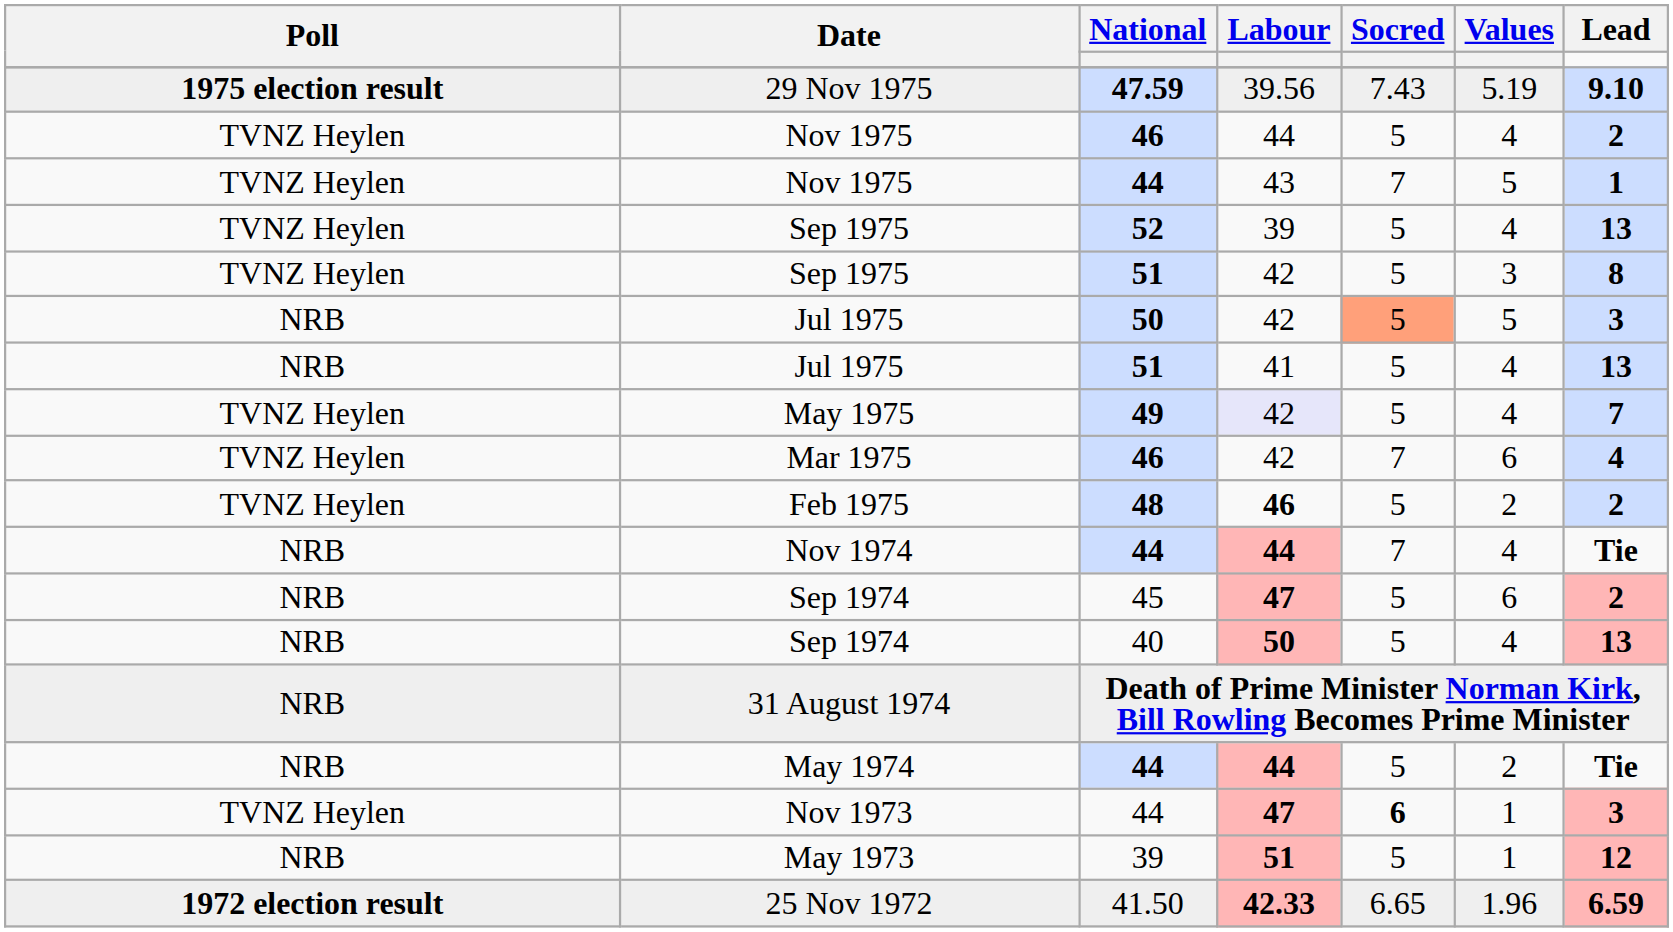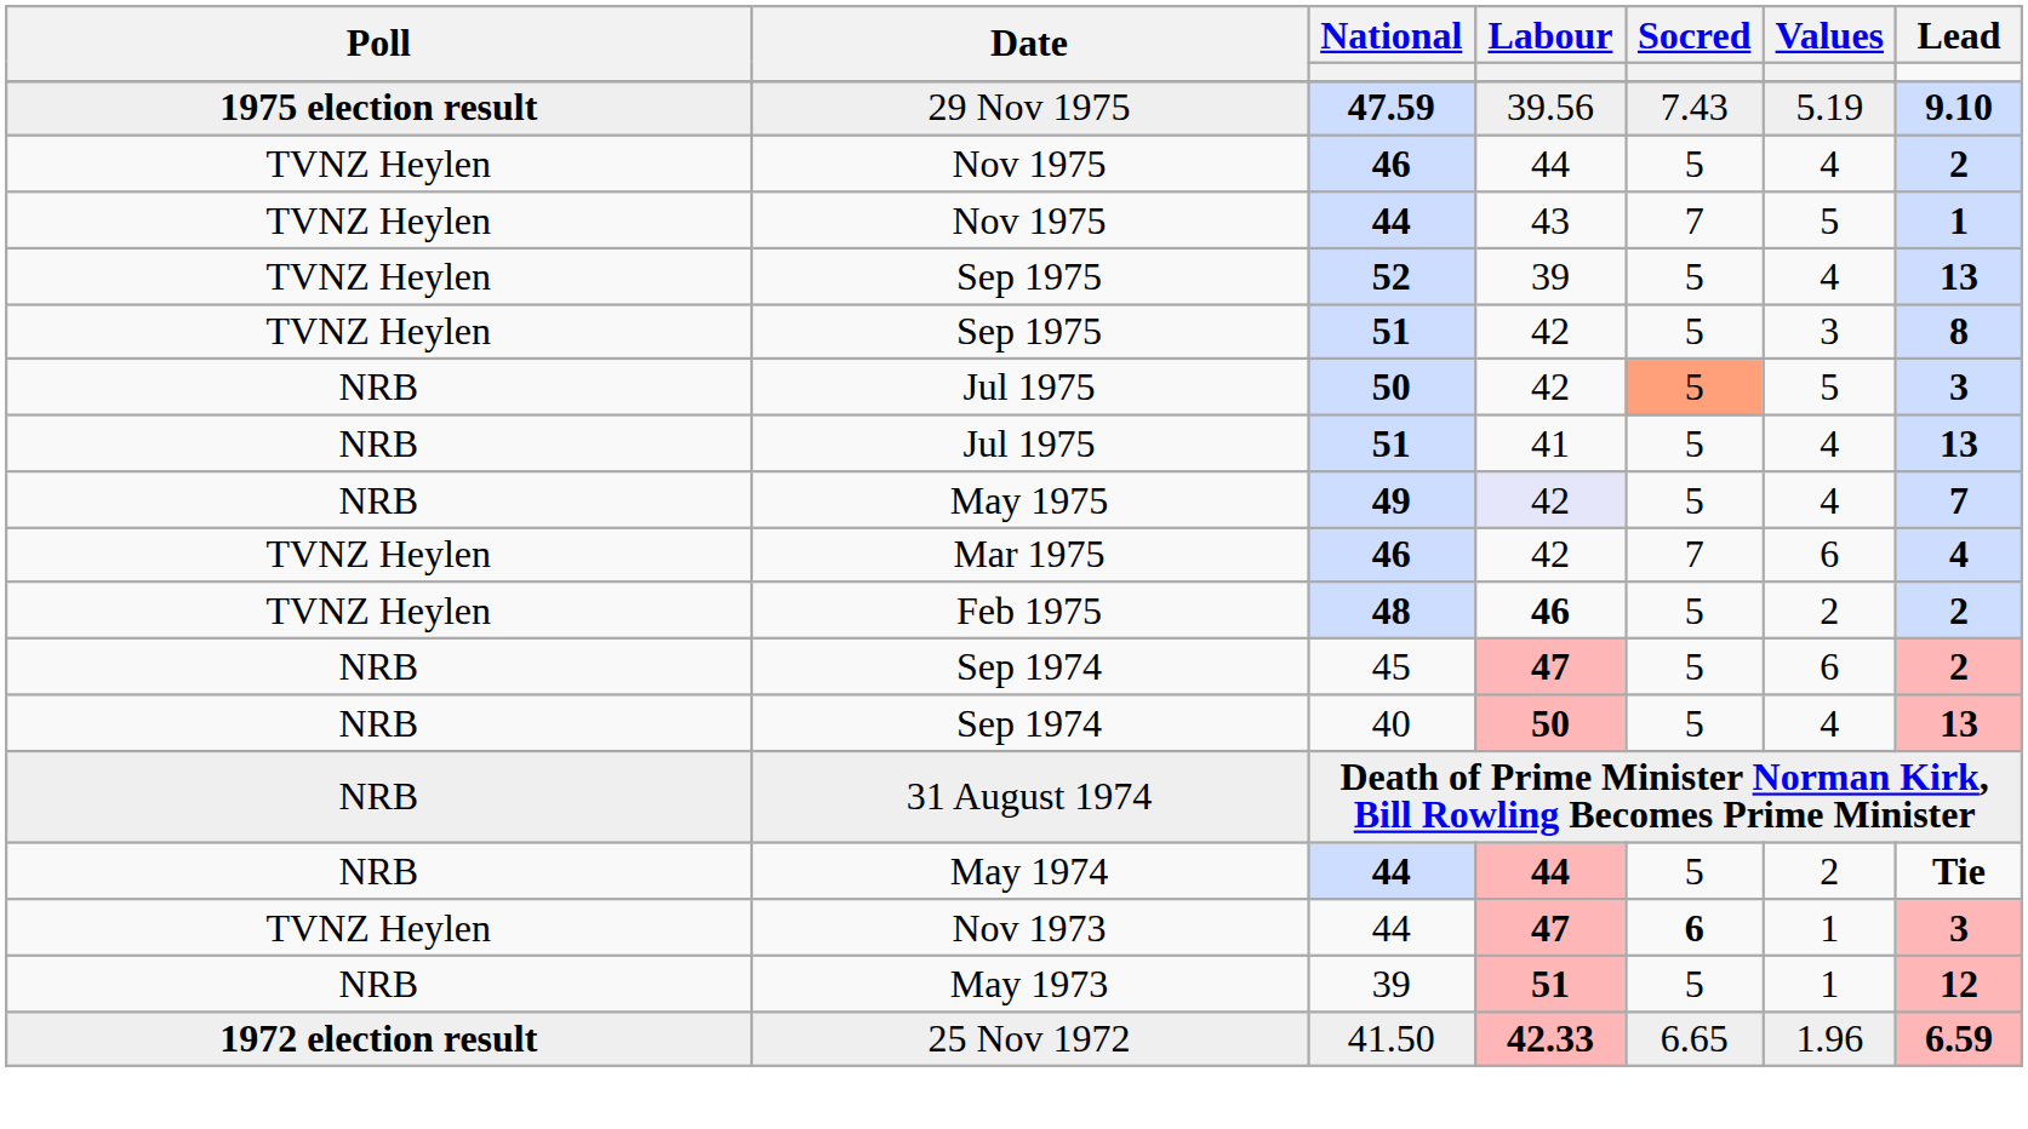 <table class="wikitable sortable" style="width:750px;font-size:90%;line-height:14px;text-align:center;">
 <tr>
 <th style="width:270px;" rowspan="2">Poll</th>
 <th style="width:200px;" rowspan="2">Date</th>
 <th><a href='#'>National</a></th>
 <th><a href='#'>Labour</a></th>
 <th><a href='#'>Socred</a></th>
 <th><a href='#'>Values</a></th>
 <th data-sort-type="number" style="width:40px;">Lead</th>
 </tr>
 <tr>
 <th class="unsortable" style="color:inherit;background:"></th>
 <th class="unsortable" style="color:inherit;background:"></th>
 <th class="unsortable" style="color:inherit;background:"></th>
 <th class="unsortable" style="color:inherit;background:"></th>
 </tr>
 <tr>
 </tr>
 <tr style="background:#EFEFEF; font-weight:italic;">
 <td><strong>1975 election result</strong></td>
 <td data-sort-value="1975-11-29">29 Nov 1975</td>
 <td style="background:#CCDDFF"><strong>47.59</strong></td>
 <td>39.56</td>
 <td>7.43</td>
 <td>5.19</td>
 <td style="background:#CCDDFF"><strong>9.10</strong></td>
 </tr>
 <tr>
 <td>TVNZ Heylen</td>
 <td data-sort-value="1975-11-15">Nov 1975</td>
 <td style="background:#CCDDFF"><strong>46</strong></td>
 <td>44</td>
 <td>5</td>
 <td>4</td>
 <td style="background:#CCDDFF"><strong>2</strong></td>
 </tr>
 <tr>
 <td>TVNZ Heylen</td>
 <td data-sort-value="1975-11-15">Nov 1975</td>
 <td style="background:#CCDDFF"><strong>44</strong></td>
 <td>43</td>
 <td>7</td>
 <td>5</td>
 <td style="background:#CCDDFF"><strong>1</strong></td>
 </tr>
 <tr>
 <td>TVNZ Heylen</td>
 <td data-sort-value="1975-09-15">Sep 1975</td>
 <td style="background:#CCDDFF"><strong>52</strong></td>
 <td>39</td>
 <td>5</td>
 <td>4</td>
 <td style="background:#CCDDFF"><strong>13</strong></td>
 </tr>
 <tr>
 <td>TVNZ Heylen</td>
 <td data-sort-value="1975-09-15">Sep 1975</td>
 <td style="background:#CCDDFF"><strong>51</strong></td>
 <td>42</td>
 <td>5</td>
 <td>3</td>
 <td style="background:#CCDDFF"><strong>8</strong></td>
 </tr>
 <tr>
 <td>NRB</td>
 <td data-sort-value="1975-07-15">Jul 1975</td>
 <td style="background:#CCDDFF"><strong>50</strong></td>
 <td>42</td>
 <td style="background: lightsalmon;">5</td>
 <td>5</td>
 <td style="background:#CCDDFF"><strong>3</strong></td>
 </tr>
 <tr>
 <td>NRB</td>
 <td data-sort-value="1975-07-01">Jul 1975</td>
 <td style="background:#CCDDFF"><strong>51</strong></td>
 <td>41</td>
 <td>5</td>
 <td>4</td>
 <td style="background:#CCDDFF"><strong>13</strong></td>
 </tr>
 <tr>
-<td>TVNZ Heylen</td>
+<td>NRB</td>
 <td data-sort-value="1975-05-15">May 1975</td>
 <td style="background:#CCDDFF"><strong>49</strong></td>
 <td style="background: lavender;">42</td>
 <td>5</td>
 <td>4</td>
 <td style="background:#CCDDFF"><strong>7</strong></td>
 </tr>
 <tr>
 <td>TVNZ Heylen</td>
 <td data-sort-value="1975-04-15">Mar 1975</td>
 <td style="background:#CCDDFF"><strong>46</strong></td>
 <td>42</td>
 <td>7</td>
 <td>6</td>
 <td style="background:#CCDDFF"><strong>4</strong></td>
 </tr>
 <tr>
 <td>TVNZ Heylen</td>
 <td data-sort-value="1975-02-15">Feb 1975</td>
 <td style="background:#CCDDFF"><strong>48</strong></td>
 <td><strong>46</strong></td>
 <td>5</td>
 <td>2</td>
 <td style="background:#CCDDFF"><strong>2</strong></td>
-</tr>
-<tr>
-<td>NRB</td>
-<td data-sort-value="1974-11-15">Nov 1974</td>
-<td style="background:#CCDDFF"><strong>44</strong></td>
-<td style="background:#FFB6B6"><strong>44</strong></td>
-<td>7</td>
-<td>4</td>
-<td><strong>Tie</strong></td>
 </tr>
 <tr>
 <td>NRB</td>
 <td data-sort-value="1974-09-15">Sep 1974</td>
 <td>45</td>
 <td style="background:#FFB6B6"><strong>47</strong></td>
 <td>5</td>
 <td>6</td>
 <td style="background:#FFB6B6"><strong>2</strong></td>
 </tr>
 <tr>
 <td>NRB</td>
 <td data-sort-value="1974-09-01">Sep 1974</td>
 <td>40</td>
 <td style="background:#FFB6B6"><strong>50</strong></td>
 <td>5</td>
 <td>4</td>
 <td style="background:#FFB6B6"><strong>13</strong></td>
 </tr>
 <tr style="background:#EFEFEF">
 <td>NRB</td>
 <td data-sort-value="1974-08-31">31 August 1974</td>
 <td colspan="5" style="text-align:center;"><strong>Death of Prime Minister <a href='#'>Norman Kirk</a>, <a href='#'>Bill Rowling</a> Becomes Prime Minister</strong></td>
 </tr>
 <tr>
 <td>NRB</td>
 <td data-sort-value="1974-05-15">May 1974</td>
 <td style="background:#CCDDFF"><strong>44</strong></td>
 <td style="background:#FFB6B6"><strong>44</strong></td>
 <td>5</td>
 <td>2</td>
 <td><strong>Tie</strong></td>
 </tr>
 <tr>
 <td>TVNZ Heylen</td>
 <td data-sort-value="1975-11-01">Nov 1973</td>
 <td>44</td>
 <td style="background:#FFB6B6"><strong>47</strong></td>
 <td><strong>6</strong></td>
 <td>1</td>
 <td style="background:#FFB6B6"><strong>3</strong></td>
 </tr>
 <tr>
 <td>NRB</td>
 <td data-sort-value="1975-05-01">May 1973</td>
 <td>39</td>
 <td style="background:#FFB6B6"><strong>51</strong></td>
 <td>5</td>
 <td>1</td>
 <td style="background:#FFB6B6"><strong>12</strong></td>
 </tr>
 <tr style="background:#EFEFEF">
 <td><strong>1972 election result</strong></td>
 <td data-sort-value="1972-11-25">25 Nov 1972</td>
 <td>41.50</td>
 <td style="background:#FFB6B6"><strong>42.33</strong></td>
 <td>6.65</td>
 <td>1.96</td>
 <td style="background:#FFB6B6"><strong>6.59</strong></td>
 </tr>
 </table>
